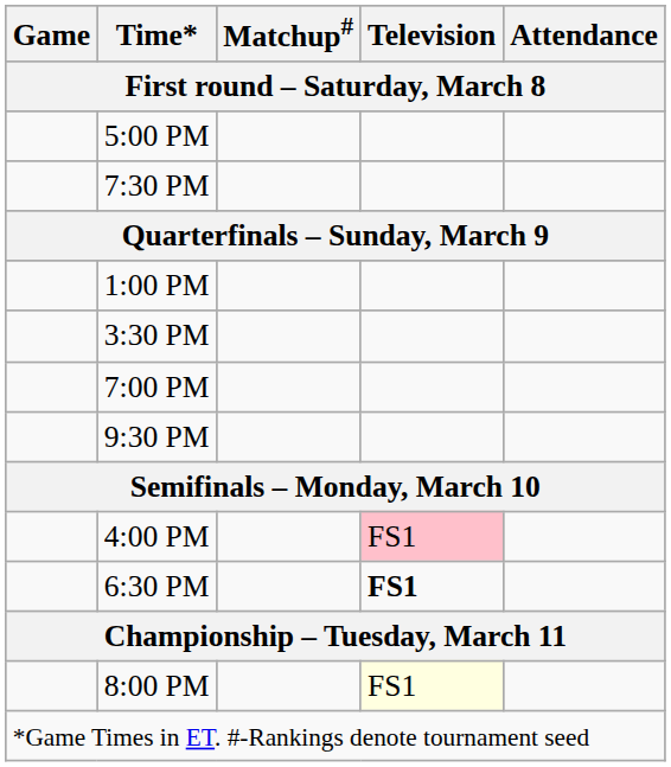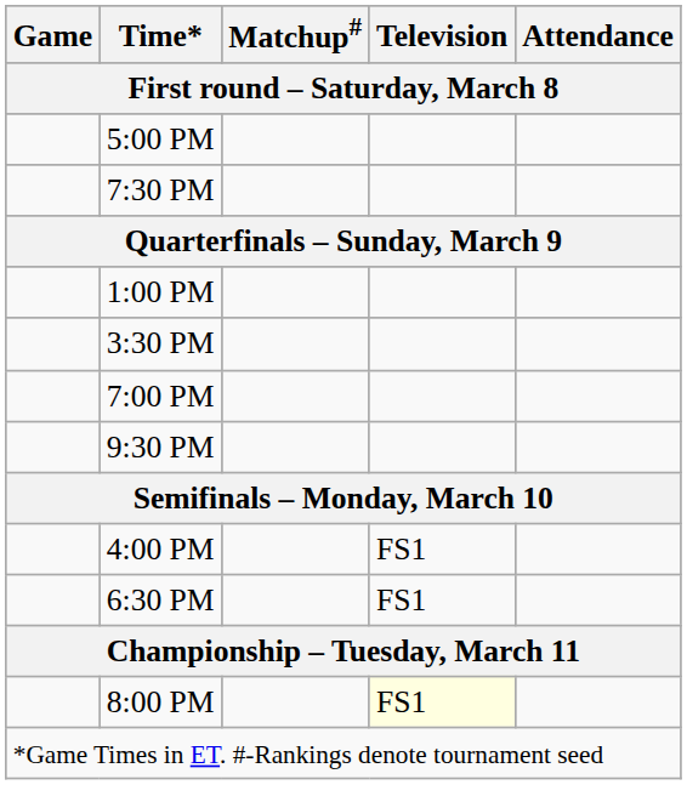 <table class="wikitable" style="font-size: 95%">
 <tr align="center">
 <th>Game</th>
 <th>Time*</th>
 <th>Matchup<sup>#</sup></th>
 <th>Television</th>
 <th>Attendance</th>
 </tr>
 <tr>
 <th colspan=6>First round – Saturday, March 8</th>
 </tr>
 <tr>
 <td></td>
 <td>5:00 PM</td>
 <td></td>
 <td></td>
 <td></td>
 </tr>
 <tr>
 <td></td>
 <td>7:30 PM</td>
 <td></td>
 <td></td>
 <td></td>
 </tr>
 <tr>
 <th colspan=6>Quarterfinals – Sunday, March 9</th>
 </tr>
 <tr>
 <td></td>
 <td>1:00 PM</td>
 <td></td>
 <td></td>
 <td></td>
 </tr>
 <tr>
 <td></td>
 <td>3:30 PM</td>
 <td></td>
 <td></td>
 <td></td>
 </tr>
 <tr>
 <td></td>
 <td>7:00 PM</td>
 <td></td>
 <td></td>
 <td></td>
 </tr>
 <tr>
 <td></td>
 <td>9:30 PM</td>
 <td></td>
 <td></td>
 <td></td>
 </tr>
 <tr>
 <th colspan=6>Semifinals – Monday, March 10</th>
 </tr>
 <tr>
 <td></td>
 <td>4:00 PM</td>
 <td></td>
-<td style="background: pink;">FS1</td>
+<td>FS1</td>
 <td></td>
 </tr>
 <tr>
 <td></td>
 <td>6:30 PM</td>
 <td></td>
-<td><strong>FS1</strong></td>
+<td>FS1</td>
 </tr>
 <tr>
 <th colspan=6>Championship – Tuesday, March 11</th>
 </tr>
 <tr>
 <td></td>
 <td>8:00 PM</td>
 <td></td>
 <td style="background: lightyellow;">FS1</td>
 <td></td>
 </tr>
 <tr>
 <td colspan=6><small>*Game Times in <a href='#'>ET</a>. #-Rankings denote tournament seed</small></td>
 </tr>
 </table>
